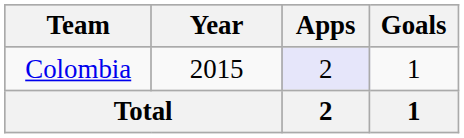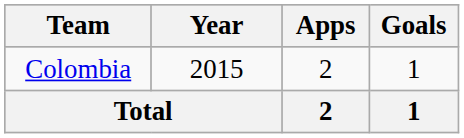 <table class="wikitable" style="text-align: center;">
 <tr>
 <th width="80">Team</th>
 <th width="70">Year</th>
 <th width="45">Apps</th>
 <th width="45">Goals</th>
 </tr>
 <tr>
 <td><a href='#'>Colombia</a></td>
 <td>2015</td>
-<td style="background: lavender;">2</td>
+<td>2</td>
 <td>1</td>
 </tr>
 <tr>
 <th colspan=2>Total</th>
 <th>2</th>
 <th>1</th>
 </tr>
 </table>
